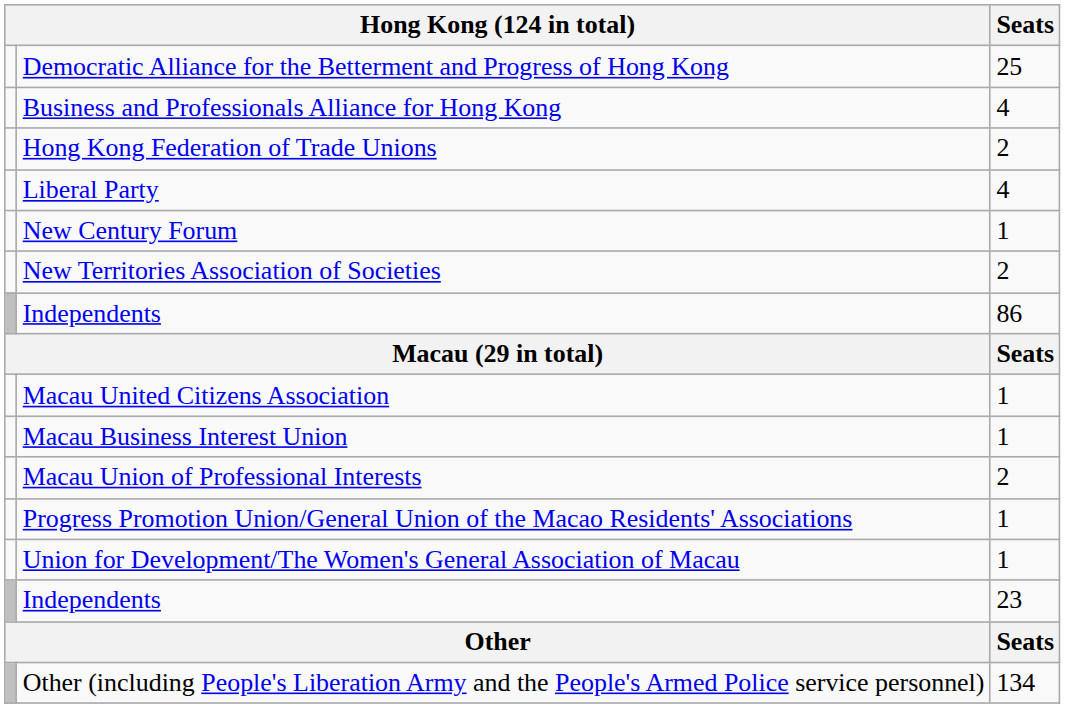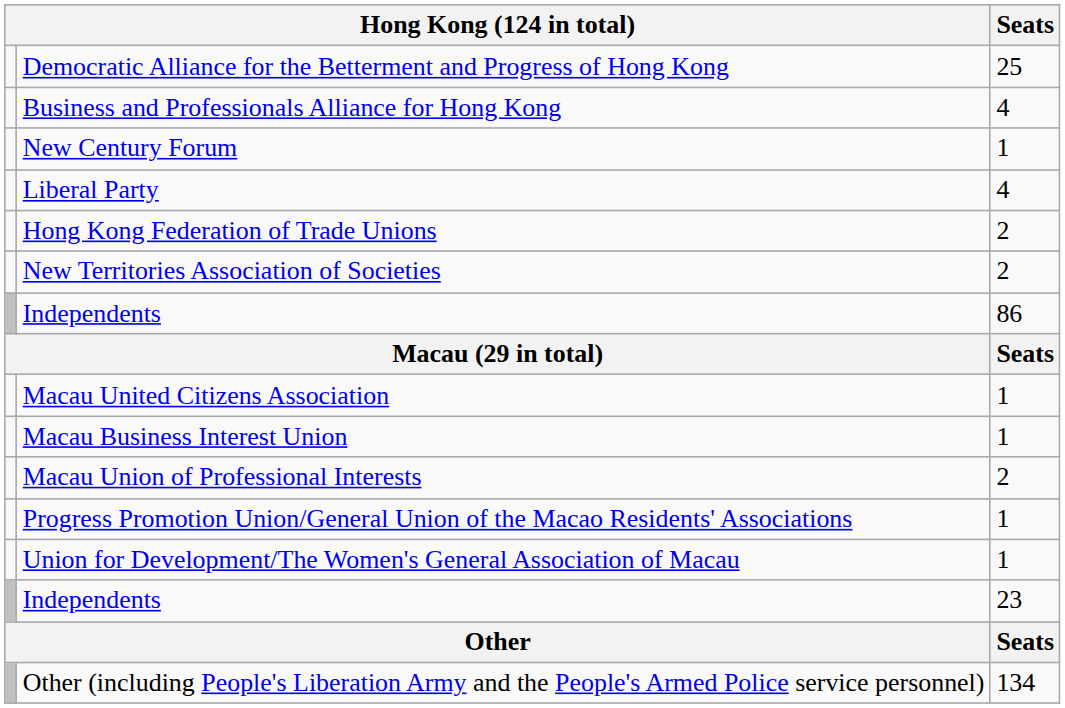 <table class="wikitable">
 <tr>
 <th colspan="2">Hong Kong (124 in total)</th>
 <th>Seats</th>
 </tr>
 <tr>
 <td style="background: "></td>
 <td><a href='#'>Democratic Alliance for the Betterment and Progress of Hong Kong</a></td>
 <td>25</td>
 </tr>
 <tr>
 <td style="background: "></td>
 <td><a href='#'>Business and Professionals Alliance for Hong Kong</a></td>
 <td>4</td>
 </tr>
 <tr>
 <td style="background: "></td>
-<td><a href='#'>Hong Kong Federation of Trade Unions</a></td>
-<td>2</td>
+<td><a href='#'>New Century Forum</a></td>
+<td>1</td>
 </tr>
 <tr>
 <td style="background: "></td>
 <td><a href='#'>Liberal Party</a></td>
 <td>4</td>
 </tr>
 <tr>
 <td style="background: "></td>
-<td><a href='#'>New Century Forum</a></td>
-<td>1</td>
+<td><a href='#'>Hong Kong Federation of Trade Unions</a></td>
+<td>2</td>
 </tr>
 <tr>
 <td style="background: "></td>
 <td><a href='#'>New Territories Association of Societies</a></td>
 <td>2</td>
 </tr>
 <tr>
 <td style="background: #C0C0C0"></td>
 <td><a href='#'>Independents</a></td>
 <td>86</td>
 </tr>
 <tr>
 <th colspan="2">Macau (29 in total)</th>
 <th>Seats</th>
 </tr>
 <tr>
 <td style="background: "></td>
 <td><a href='#'>Macau United Citizens Association</a></td>
 <td>1</td>
 </tr>
 <tr>
 <td style="background: "></td>
 <td><a href='#'>Macau Business Interest Union</a></td>
 <td>1</td>
 </tr>
 <tr>
 <td style="background: "></td>
 <td><a href='#'>Macau Union of Professional Interests</a></td>
 <td>2</td>
 </tr>
 <tr>
 <td style="background: "></td>
 <td><a href='#'>Progress Promotion Union/General Union of the Macao Residents' Associations</a></td>
 <td>1</td>
 </tr>
 <tr>
 <td style="background: "></td>
 <td><a href='#'>Union for Development/The Women's General Association of Macau</a></td>
 <td>1</td>
 </tr>
 <tr>
 <td style="background: #C0C0C0"></td>
 <td><a href='#'>Independents</a></td>
 <td>23</td>
 </tr>
 <tr>
 <th colspan="2">Other</th>
 <th>Seats</th>
 </tr>
 <tr>
 <td style="background: #C0C0C0"></td>
 <td>Other (including <a href='#'>People's Liberation Army</a> and the <a href='#'>People's Armed Police</a> service personnel)</td>
 <td>134</td>
 </tr>
 </table>
